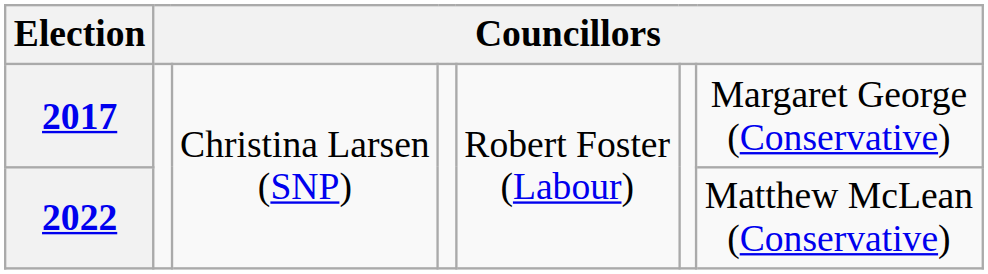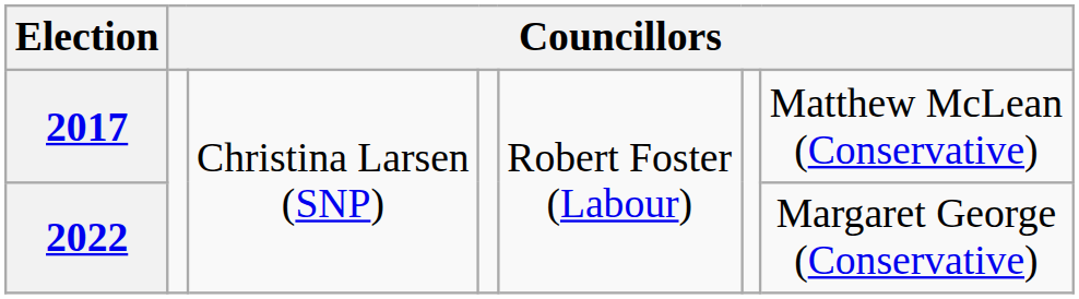 <table class="wikitable" style="text-align:center">
 <tr>
 <th>Election</th>
 <th colspan=8>Councillors</th>
 </tr>
 <tr>
 <th><a href='#'>2017</a></th>
 <td rowspan=2; style="background-color: "></td>
 <td rowspan=2>Christina Larsen<br>(<a href='#'>SNP</a>)</td>
 <td rowspan=2; style="background-color: "></td>
 <td rowspan=2>Robert Foster<br>(<a href='#'>Labour</a>)</td>
 <td rowspan=2; style="background-color: "></td>
-<td rowspan=1>Margaret George<br>(<a href='#'>Conservative</a>)</td>
+<td rowspan=1>Matthew McLean<br>(<a href='#'>Conservative</a>)</td>
 </tr>
 <tr>
 <th><a href='#'>2022</a></th>
-<td rowspan=1>Matthew McLean<br>(<a href='#'>Conservative</a>)</td>
+<td rowspan=1>Margaret George<br>(<a href='#'>Conservative</a>)</td>
 </tr>
 </table>
